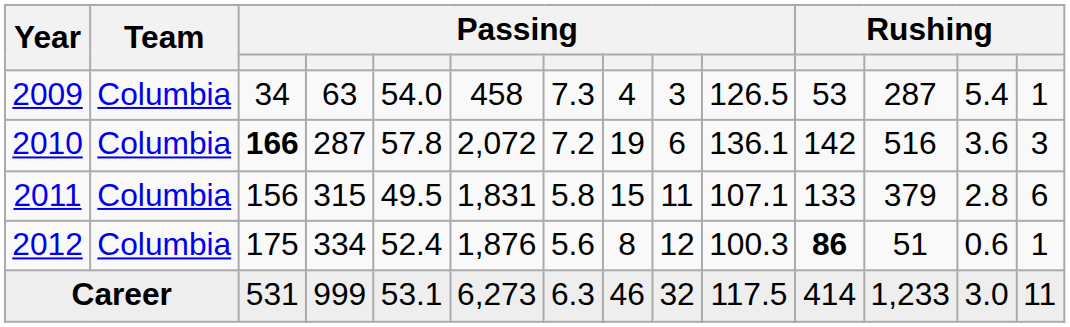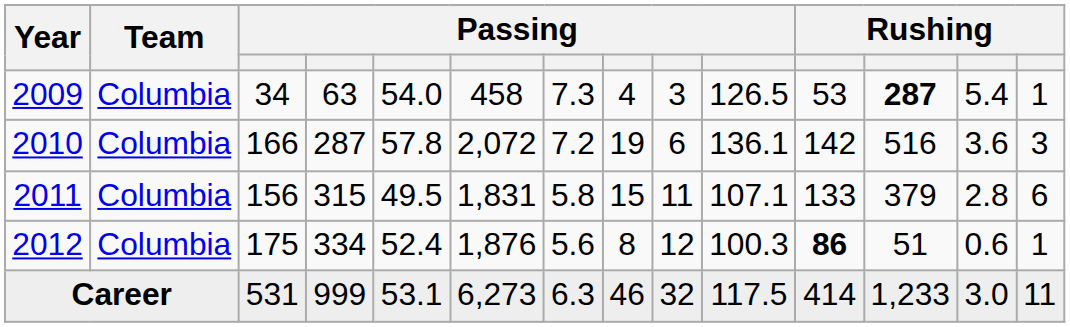 <table class="wikitable sortable" style="text-align:center;">
 <tr>
 <th rowspan=2>Year</th>
 <th rowspan=2>Team</th>
 <th colspan=8>Passing</th>
 <th colspan=4>Rushing</th>
 </tr>
 <tr>
 <th></th>
 <th></th>
 <th></th>
 <th></th>
 <th></th>
 <th></th>
 <th></th>
 <th></th>
 <th></th>
 <th></th>
 <th></th>
 <th></th>
 </tr>
 <tr>
 <td><a href='#'>2009</a></td>
 <td><a href='#'>Columbia</a></td>
 <td>34</td>
 <td>63</td>
 <td>54.0</td>
 <td>458</td>
 <td>7.3</td>
 <td>4</td>
 <td>3</td>
 <td>126.5</td>
 <td>53</td>
-<td>287</td>
+<td><strong>287</strong></td>
 <td>5.4</td>
 <td>1</td>
 </tr>
 <tr>
 <td><a href='#'>2010</a></td>
 <td><a href='#'>Columbia</a></td>
-<td><strong>166</strong></td>
+<td>166</td>
 <td>287</td>
 <td>57.8</td>
 <td>2,072</td>
 <td>7.2</td>
 <td>19</td>
 <td>6</td>
 <td>136.1</td>
 <td>142</td>
 <td>516</td>
 <td>3.6</td>
 <td>3</td>
 </tr>
 <tr>
 <td><a href='#'>2011</a></td>
 <td><a href='#'>Columbia</a></td>
 <td>156</td>
 <td>315</td>
 <td>49.5</td>
 <td>1,831</td>
 <td>5.8</td>
 <td>15</td>
 <td>11</td>
 <td>107.1</td>
 <td>133</td>
 <td>379</td>
 <td>2.8</td>
 <td>6</td>
 </tr>
 <tr>
 <td><a href='#'>2012</a></td>
 <td><a href='#'>Columbia</a></td>
 <td>175</td>
 <td>334</td>
 <td>52.4</td>
 <td>1,876</td>
 <td>5.6</td>
 <td>8</td>
 <td>12</td>
 <td>100.3</td>
 <td><strong>86</strong></td>
 <td>51</td>
 <td>0.6</td>
 <td>1</td>
 </tr>
 <tr class="sortbottom" style="background:#eee;">
 <td colspan=2><strong>Career</strong></td>
 <td>531</td>
 <td>999</td>
 <td>53.1</td>
 <td>6,273</td>
 <td>6.3</td>
 <td>46</td>
 <td>32</td>
 <td>117.5</td>
 <td>414</td>
 <td>1,233</td>
 <td>3.0</td>
 <td>11</td>
 </tr>
 </table>
